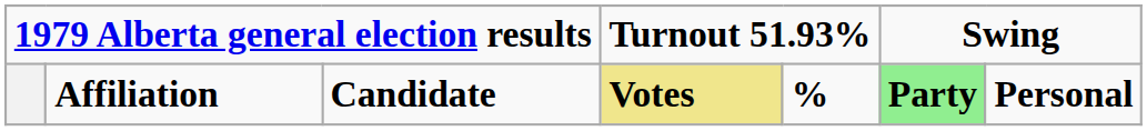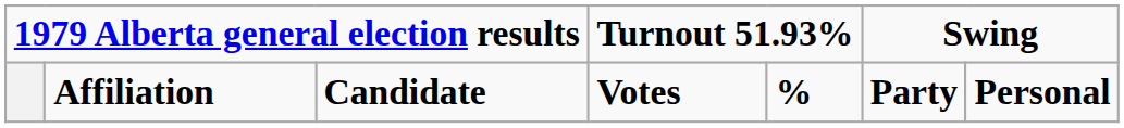 <table class="wikitable">
 <tr>
 <td colspan="3" align=center><strong><a href='#'>1979 Alberta general election</a> results</strong></td>
 <td colspan="2"><strong>Turnout 51.93%</strong></td>
 <td colspan="2" align=center><strong>Swing</strong></td>
 </tr>
 <tr>
 <th style="width: 10px;"></th>
 <td><strong>Affiliation</strong></td>
 <td><strong>Candidate</strong></td>
-<td style="background: khaki;"><strong>Votes</strong></td>
+<td><strong>Votes</strong></td>
 <td><strong>%</strong></td>
-<td style="background: lightgreen;"><strong>Party</strong></td>
+<td><strong>Party</strong></td>
 <td><strong>Personal</strong><br>        </td>
 </tr>
 </table>
